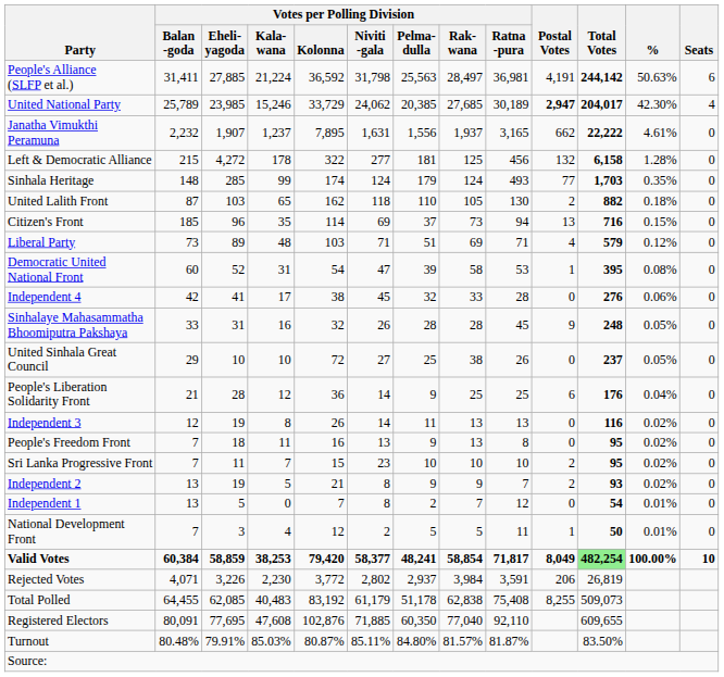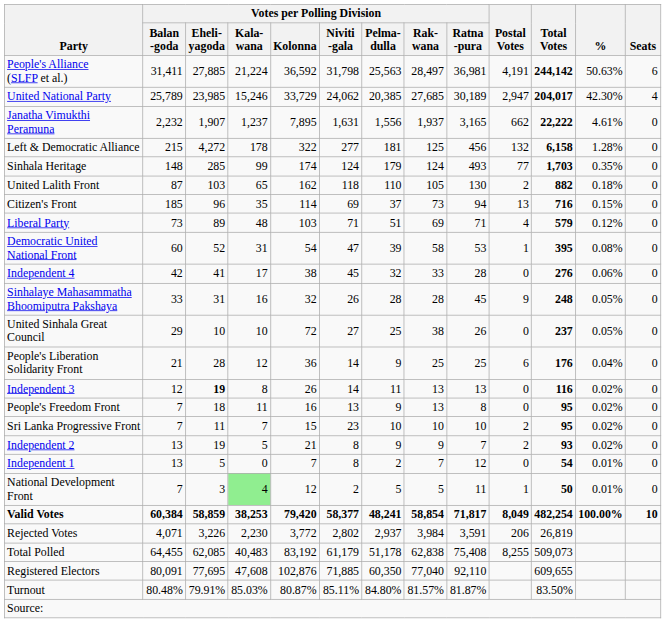 <table class="wikitable" border="1" style="text-align:right;">
 <tr>
 <th align=left valign=bottom rowspan=2 width="180">Party</th>
 <th colspan=8>Votes per Polling Division</th>
 <th align=center valign=bottom rowspan=2 width="50">Postal<br>Votes</th>
 <th align=center valign=bottom rowspan=2 width="50">Total Votes</th>
 <th align=center valign=bottom rowspan=2 width="50">%</th>
 <th align=center valign=bottom rowspan=2 width="40">Seats</th>
 </tr>
 <tr>
 <th align=center valign=bottom width="50">Balan<br>-goda</th>
 <th align=center valign=bottom width="50">Eheli-<br>yagoda</th>
 <th align=center valign=bottom width="50">Kala-<br>wana</th>
 <th align=center valign=bottom width="50">Kolonna</th>
 <th align=center valign=bottom width="50">Niviti<br>-gala</th>
 <th align=center valign=bottom width="50">Pelma-<br>dulla</th>
 <th align=center valign=bottom width="50">Rak-<br>wana</th>
 <th align=center valign=bottom width="50">Ratna<br>-pura</th>
 </tr>
 <tr>
 <td align=left><a href='#'>People's Alliance</a><br>(<a href='#'>SLFP</a> et al.)</td>
 <td>31,411</td>
 <td>27,885</td>
 <td>21,224</td>
 <td>36,592</td>
 <td>31,798</td>
 <td>25,563</td>
 <td>28,497</td>
 <td>36,981</td>
 <td>4,191</td>
 <td><strong>244,142</strong></td>
 <td>50.63%</td>
 <td>6</td>
 </tr>
 <tr>
 <td align=left><a href='#'>United National Party</a></td>
 <td>25,789</td>
 <td>23,985</td>
 <td>15,246</td>
 <td>33,729</td>
 <td>24,062</td>
 <td>20,385</td>
 <td>27,685</td>
 <td>30,189</td>
-<td><strong>2,947</strong></td>
+<td>2,947</td>
 <td><strong>204,017</strong></td>
 <td>42.30%</td>
 <td>4</td>
 </tr>
 <tr>
 <td align=left><a href='#'>Janatha Vimukthi Peramuna</a></td>
 <td>2,232</td>
 <td>1,907</td>
 <td>1,237</td>
 <td>7,895</td>
 <td>1,631</td>
 <td>1,556</td>
 <td>1,937</td>
 <td>3,165</td>
 <td>662</td>
 <td><strong>22,222</strong></td>
 <td>4.61%</td>
 <td>0</td>
 </tr>
 <tr>
 <td align=left>Left & Democratic Alliance</td>
 <td>215</td>
 <td>4,272</td>
 <td>178</td>
 <td>322</td>
 <td>277</td>
 <td>181</td>
 <td>125</td>
 <td>456</td>
 <td>132</td>
 <td><strong>6,158</strong></td>
 <td>1.28%</td>
 <td>0</td>
 </tr>
 <tr>
 <td align=left>Sinhala Heritage</td>
 <td>148</td>
 <td>285</td>
 <td>99</td>
 <td>174</td>
 <td>124</td>
 <td>179</td>
 <td>124</td>
 <td>493</td>
 <td>77</td>
 <td><strong>1,703</strong></td>
 <td>0.35%</td>
 <td>0</td>
 </tr>
 <tr>
 <td align=left>United Lalith Front</td>
 <td>87</td>
 <td>103</td>
 <td>65</td>
 <td>162</td>
 <td>118</td>
 <td>110</td>
 <td>105</td>
 <td>130</td>
 <td>2</td>
 <td><strong>882</strong></td>
 <td>0.18%</td>
 <td>0</td>
 </tr>
 <tr>
 <td align=left>Citizen's Front</td>
 <td>185</td>
 <td>96</td>
 <td>35</td>
 <td>114</td>
 <td>69</td>
 <td>37</td>
 <td>73</td>
 <td>94</td>
 <td>13</td>
 <td><strong>716</strong></td>
 <td>0.15%</td>
 <td>0</td>
 </tr>
 <tr>
 <td align=left><a href='#'>Liberal Party</a></td>
 <td>73</td>
 <td>89</td>
 <td>48</td>
 <td>103</td>
 <td>71</td>
 <td>51</td>
 <td>69</td>
 <td>71</td>
 <td>4</td>
 <td><strong>579</strong></td>
 <td>0.12%</td>
 <td>0</td>
 </tr>
 <tr>
 <td align=left><a href='#'>Democratic United National Front</a></td>
 <td>60</td>
 <td>52</td>
 <td>31</td>
 <td>54</td>
 <td>47</td>
 <td>39</td>
 <td>58</td>
 <td>53</td>
 <td>1</td>
 <td><strong>395</strong></td>
 <td>0.08%</td>
 <td>0</td>
 </tr>
 <tr>
 <td align=left><a href='#'>Independent 4</a></td>
 <td>42</td>
 <td>41</td>
 <td>17</td>
 <td>38</td>
 <td>45</td>
 <td>32</td>
 <td>33</td>
 <td>28</td>
 <td>0</td>
 <td><strong>276</strong></td>
 <td>0.06%</td>
 <td>0</td>
 </tr>
 <tr>
 <td align=left><a href='#'>Sinhalaye Mahasammatha Bhoomiputra Pakshaya</a></td>
 <td>33</td>
 <td>31</td>
 <td>16</td>
 <td>32</td>
 <td>26</td>
 <td>28</td>
 <td>28</td>
 <td>45</td>
 <td>9</td>
 <td><strong>248</strong></td>
 <td>0.05%</td>
 <td>0</td>
 </tr>
 <tr>
 <td align=left>United Sinhala Great Council</td>
 <td>29</td>
 <td>10</td>
 <td>10</td>
 <td>72</td>
 <td>27</td>
 <td>25</td>
 <td>38</td>
 <td>26</td>
 <td>0</td>
 <td><strong>237</strong></td>
 <td>0.05%</td>
 <td>0</td>
 </tr>
 <tr>
 <td align=left>People's Liberation Solidarity Front</td>
 <td>21</td>
 <td>28</td>
 <td>12</td>
 <td>36</td>
 <td>14</td>
 <td>9</td>
 <td>25</td>
 <td>25</td>
 <td>6</td>
 <td><strong>176</strong></td>
 <td>0.04%</td>
 <td>0</td>
 </tr>
 <tr>
 <td align=left><a href='#'>Independent 3</a></td>
 <td>12</td>
-<td>19</td>
+<td><strong>19</strong></td>
 <td>8</td>
 <td>26</td>
 <td>14</td>
 <td>11</td>
 <td>13</td>
 <td>13</td>
 <td>0</td>
 <td><strong>116</strong></td>
 <td>0.02%</td>
 <td>0</td>
 </tr>
 <tr>
 <td align=left>People's Freedom Front</td>
 <td>7</td>
 <td>18</td>
 <td>11</td>
 <td>16</td>
 <td>13</td>
 <td>9</td>
 <td>13</td>
 <td>8</td>
 <td>0</td>
 <td><strong>95</strong></td>
 <td>0.02%</td>
 <td>0</td>
 </tr>
 <tr>
 <td align=left>Sri Lanka Progressive Front</td>
 <td>7</td>
 <td>11</td>
 <td>7</td>
 <td>15</td>
 <td>23</td>
 <td>10</td>
 <td>10</td>
 <td>10</td>
 <td>2</td>
 <td><strong>95</strong></td>
 <td>0.02%</td>
 <td>0</td>
 </tr>
 <tr>
 <td align=left><a href='#'>Independent 2</a></td>
 <td>13</td>
 <td>19</td>
 <td>5</td>
 <td>21</td>
 <td>8</td>
 <td>9</td>
 <td>9</td>
 <td>7</td>
 <td>2</td>
 <td><strong>93</strong></td>
 <td>0.02%</td>
 <td>0</td>
 </tr>
 <tr>
 <td align=left><a href='#'>Independent 1</a></td>
 <td>13</td>
 <td>5</td>
 <td>0</td>
 <td>7</td>
 <td>8</td>
 <td>2</td>
 <td>7</td>
 <td>12</td>
 <td>0</td>
 <td><strong>54</strong></td>
 <td>0.01%</td>
 <td>0</td>
 </tr>
 <tr>
 <td align=left>National Development Front</td>
 <td>7</td>
 <td>3</td>
-<td>4</td>
+<td style="background: lightgreen;">4</td>
 <td>12</td>
 <td>2</td>
 <td>5</td>
 <td>5</td>
 <td>11</td>
 <td>1</td>
 <td><strong>50</strong></td>
 <td>0.01%</td>
 <td>0</td>
 </tr>
 <tr>
 <td align=left><strong>Valid Votes</strong></td>
 <td><strong>60,384</strong></td>
 <td><strong>58,859</strong></td>
 <td><strong>38,253</strong></td>
 <td><strong>79,420</strong></td>
 <td><strong>58,377</strong></td>
 <td><strong>48,241</strong></td>
 <td><strong>58,854</strong></td>
 <td><strong>71,817</strong></td>
 <td><strong>8,049</strong></td>
-<td style="background: lightgreen;"><strong>482,254</strong></td>
+<td><strong>482,254</strong></td>
 <td><strong>100.00%</strong></td>
 <td><strong>10</strong></td>
 </tr>
 <tr>
 <td align=left>Rejected Votes</td>
 <td>4,071</td>
 <td>3,226</td>
 <td>2,230</td>
 <td>3,772</td>
 <td>2,802</td>
 <td>2,937</td>
 <td>3,984</td>
 <td>3,591</td>
 <td>206</td>
 <td>26,819</td>
 <td></td>
 <td></td>
 </tr>
 <tr>
 <td align=left>Total Polled</td>
 <td>64,455</td>
 <td>62,085</td>
 <td>40,483</td>
 <td>83,192</td>
 <td>61,179</td>
 <td>51,178</td>
 <td>62,838</td>
 <td>75,408</td>
 <td>8,255</td>
 <td>509,073</td>
 <td></td>
 <td></td>
 </tr>
 <tr>
 <td align=left>Registered Electors</td>
 <td>80,091</td>
 <td>77,695</td>
 <td>47,608</td>
 <td>102,876</td>
 <td>71,885</td>
 <td>60,350</td>
 <td>77,040</td>
 <td>92,110</td>
 <td></td>
 <td>609,655</td>
 <td></td>
 <td></td>
 </tr>
 <tr>
 <td align=left>Turnout</td>
 <td>80.48%</td>
 <td>79.91%</td>
 <td>85.03%</td>
 <td>80.87%</td>
 <td>85.11%</td>
 <td>84.80%</td>
 <td>81.57%</td>
 <td>81.87%</td>
 <td></td>
 <td>83.50%</td>
 <td></td>
 <td></td>
 </tr>
 <tr>
 <td align=left colspan=14>Source:</td>
 </tr>
 </table>
